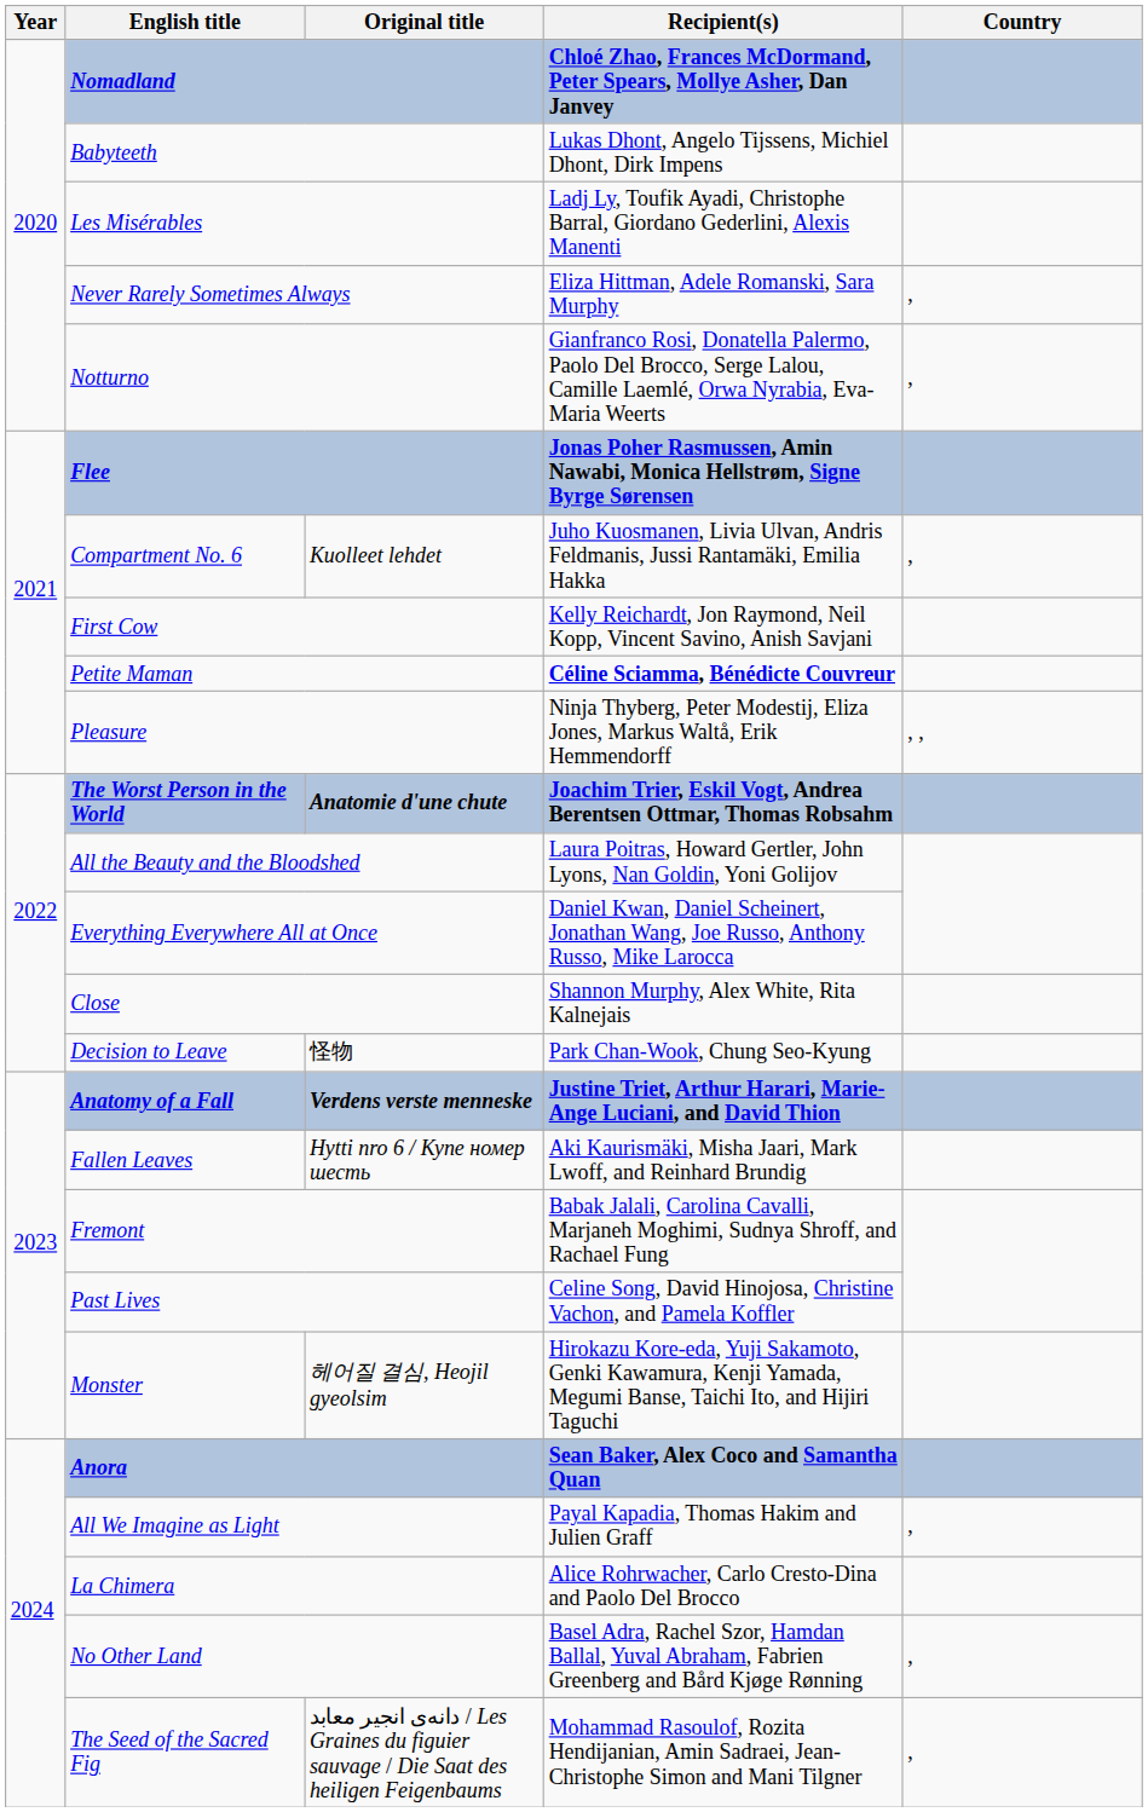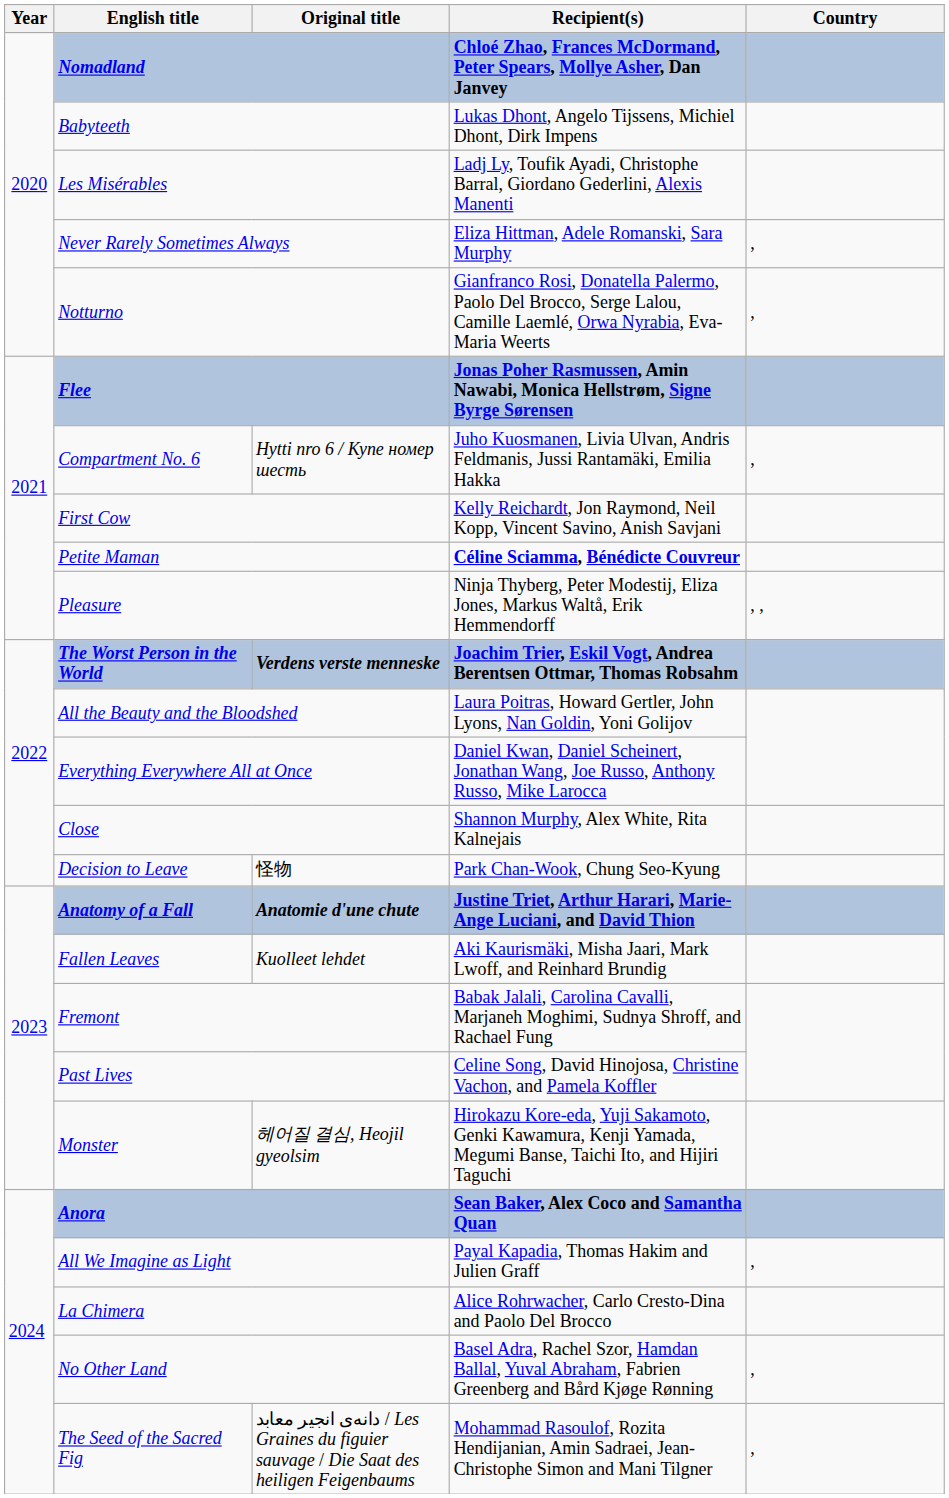 <table class="wikitable" width="95%" cellpadding="5">
 <tr>
 <th width="5%">Year</th>
 <th width="20%">English title</th>
 <th width="20%">Original title</th>
 <th width="30%">Recipient(s)</th>
 <th width="20%">Country</th>
 </tr>
 <tr>
 <td rowspan="5" style="text-align:center;"><a href='#'>2020</a><br><br></td>
 <td colspan="2" style="background:#B0C4DE"><strong><em><a href='#'>Nomadland</a></em></strong></td>
 <td style="background:#B0C4DE"><strong><a href='#'>Chloé Zhao</a>, <a href='#'>Frances McDormand</a>, <a href='#'>Peter Spears</a>, <a href='#'>Mollye Asher</a>, Dan Janvey</strong></td>
 <td style="background:#B0C4DE"><strong></strong></td>
 </tr>
 <tr>
 <td colspan="2"><em><a href='#'>Babyteeth</a></em></td>
 <td><a href='#'>Lukas Dhont</a>, Angelo Tijssens, Michiel Dhont, Dirk Impens</td>
 <td></td>
 </tr>
 <tr>
 <td colspan="2"><em><a href='#'>Les Misérables</a></em></td>
 <td><a href='#'>Ladj Ly</a>, Toufik Ayadi, Christophe Barral, Giordano Gederlini, <a href='#'>Alexis Manenti</a></td>
 <td></td>
 </tr>
 <tr>
 <td colspan="2"><em><a href='#'>Never Rarely Sometimes Always</a></em></td>
 <td><a href='#'>Eliza Hittman</a>, <a href='#'>Adele Romanski</a>, <a href='#'>Sara Murphy</a></td>
 <td>, </td>
 </tr>
 <tr>
 <td colspan="2"><em><a href='#'>Notturno</a></em></td>
 <td><a href='#'>Gianfranco Rosi</a>, <a href='#'>Donatella Palermo</a>, Paolo Del Brocco, Serge Lalou, Camille Laemlé, <a href='#'>Orwa Nyrabia</a>, Eva-Maria Weerts</td>
 <td>, </td>
 </tr>
 <tr>
 <td rowspan="5" style="text-align:center;"><a href='#'>2021</a><br><br></td>
 <td colspan="2" style="background:#B0C4DE"><strong><em><a href='#'>Flee</a></em></strong></td>
 <td style="background:#B0C4DE"><strong><a href='#'>Jonas Poher Rasmussen</a>, Amin Nawabi, Monica Hellstrøm, <a href='#'>Signe Byrge Sørensen</a></strong></td>
 <td style="background:#B0C4DE"><strong></strong></td>
 </tr>
 <tr>
 <td><em><a href='#'>Compartment No. 6</a></em></td>
-<td><em>Kuolleet lehdet</em></td>
+<td><em>Hytti nro 6 / Купе номер шесть</em></td>
 <td><a href='#'>Juho Kuosmanen</a>, Livia Ulvan, Andris Feldmanis, Jussi Rantamäki, Emilia Hakka</td>
 <td>, </td>
 </tr>
 <tr>
 <td colspan="2"><em><a href='#'>First Cow</a></em></td>
 <td><a href='#'>Kelly Reichardt</a>, Jon Raymond, Neil Kopp, Vincent Savino, Anish Savjani</td>
 <td></td>
 </tr>
 <tr>
 <td colspan="2"><em><a href='#'>Petite Maman</a></em></td>
 <td><strong><a href='#'>Céline Sciamma</a>, <a href='#'>Bénédicte Couvreur</a></strong></td>
 <td></td>
 </tr>
 <tr>
 <td colspan="2"><em><a href='#'>Pleasure</a></em></td>
 <td>Ninja Thyberg, Peter Modestij, Eliza Jones, Markus Waltå, Erik Hemmendorff</td>
 <td>, , </td>
 </tr>
 <tr>
 <td rowspan="5" style="text-align:center;"><a href='#'>2022</a><br><br></td>
 <td style="background:#B0C4DE"><strong><em><a href='#'>The Worst Person in the World</a></em></strong></td>
-<td style="background:#B0C4DE"><strong><em>Anatomie d'une chute</em></strong></td>
+<td style="background:#B0C4DE"><strong><em>Verdens verste menneske</em></strong></td>
 <td style="background:#B0C4DE"><strong><a href='#'>Joachim Trier</a>, <a href='#'>Eskil Vogt</a>, Andrea Berentsen Ottmar, Thomas Robsahm</strong></td>
 <td style="background:#B0C4DE"><strong></strong></td>
 </tr>
 <tr>
 <td colspan="2"><em><a href='#'>All the Beauty and the Bloodshed</a></em></td>
 <td><a href='#'>Laura Poitras</a>, Howard Gertler, John Lyons, <a href='#'>Nan Goldin</a>, Yoni Golijov</td>
 <td rowspan="2"></td>
 </tr>
 <tr>
 <td colspan="2"><em><a href='#'>Everything Everywhere All at Once</a></em></td>
 <td><a href='#'>Daniel Kwan</a>, <a href='#'>Daniel Scheinert</a>, <a href='#'>Jonathan Wang</a>, <a href='#'>Joe Russo</a>, <a href='#'>Anthony Russo</a>, <a href='#'>Mike Larocca</a></td>
 </tr>
 <tr>
 <td colspan="2"><em><a href='#'>Close</a></em></td>
 <td><a href='#'>Shannon Murphy</a>, Alex White, Rita Kalnejais</td>
 <td></td>
 </tr>
 <tr>
 <td><em><a href='#'>Decision to Leave</a></em></td>
 <td>怪物</td>
 <td><a href='#'>Park Chan-Wook</a>, Chung Seo-Kyung</td>
 <td></td>
 </tr>
 <tr>
 <td rowspan="5" style="text-align:center;"><a href='#'>2023</a><br><br></td>
 <td style="background:#B0C4DE"><strong><em><a href='#'>Anatomy of a Fall</a></em></strong></td>
-<td style="background:#B0C4DE"><strong><em>Verdens verste menneske</em></strong></td>
+<td style="background:#B0C4DE"><strong><em>Anatomie d'une chute</em></strong></td>
 <td style="background:#B0C4DE"><strong><a href='#'>Justine Triet</a>, <a href='#'>Arthur Harari</a>, <a href='#'>Marie-Ange Luciani</a>, and <a href='#'>David Thion</a></strong></td>
 <td style="background:#B0C4DE"><strong></strong></td>
 </tr>
 <tr>
 <td><em><a href='#'>Fallen Leaves</a></em></td>
-<td><em>Hytti nro 6 / Купе номер шесть</em></td>
+<td><em>Kuolleet lehdet</em></td>
 <td><a href='#'>Aki Kaurismäki</a>, Misha Jaari, Mark Lwoff, and Reinhard Brundig</td>
 <td></td>
 </tr>
 <tr>
 <td colspan="2"><em><a href='#'>Fremont</a></em></td>
 <td><a href='#'>Babak Jalali</a>, <a href='#'>Carolina Cavalli</a>, Marjaneh Moghimi, Sudnya Shroff, and Rachael Fung</td>
 <td rowspan="2"></td>
 </tr>
 <tr>
 <td colspan="2"><em><a href='#'>Past Lives</a></em></td>
 <td><a href='#'>Celine Song</a>, David Hinojosa, <a href='#'>Christine Vachon</a>, and <a href='#'>Pamela Koffler</a></td>
 </tr>
 <tr>
 <td><em><a href='#'>Monster</a></em></td>
 <td><em>헤어질 결심, Heojil gyeolsim</em></td>
 <td><a href='#'>Hirokazu Kore-eda</a>, <a href='#'>Yuji Sakamoto</a>, Genki Kawamura, Kenji Yamada, Megumi Banse, Taichi Ito, and Hijiri Taguchi</td>
 <td></td>
 </tr>
 <tr>
 <td rowspan="5"><a href='#'>2024</a><br><br></td>
 <td colspan="2" style="background:#B0C4DE"><em><a href='#'><strong>Anora</strong></a></em></td>
 <td style="background:#B0C4DE"><strong><a href='#'>Sean Baker</a>, Alex Coco and <a href='#'>Samantha Quan</a></strong></td>
 <td style="background:#B0C4DE"><strong></strong></td>
 </tr>
 <tr>
 <td colspan="2"><em><a href='#'>All We Imagine as Light</a></em></td>
 <td><a href='#'>Payal Kapadia</a>, Thomas Hakim and Julien Graff</td>
 <td>, </td>
 </tr>
 <tr>
 <td colspan="2"><em><a href='#'>La Chimera</a></em></td>
 <td><a href='#'>Alice Rohrwacher</a>, Carlo Cresto-Dina and Paolo Del Brocco</td>
 <td></td>
 </tr>
 <tr>
 <td colspan="2"><em><a href='#'>No Other Land</a></em></td>
 <td><a href='#'>Basel Adra</a>, Rachel Szor, <a href='#'>Hamdan Ballal</a>, <a href='#'>Yuval Abraham</a>, Fabrien Greenberg and Bård Kjøge Rønning</td>
 <td>, </td>
 </tr>
 <tr>
 <td><em><a href='#'>The Seed of the Sacred Fig</a></em></td>
 <td>دانه‌ی انجیر معابد / <em>Les Graines du figuier sauvage</em> / <em>Die Saat des heiligen Feigenbaums</em></td>
 <td><a href='#'>Mohammad Rasoulof</a>, Rozita Hendijanian, Amin Sadraei, Jean-Christophe Simon and Mani Tilgner</td>
 <td>, </td>
 </tr>
 </table>
